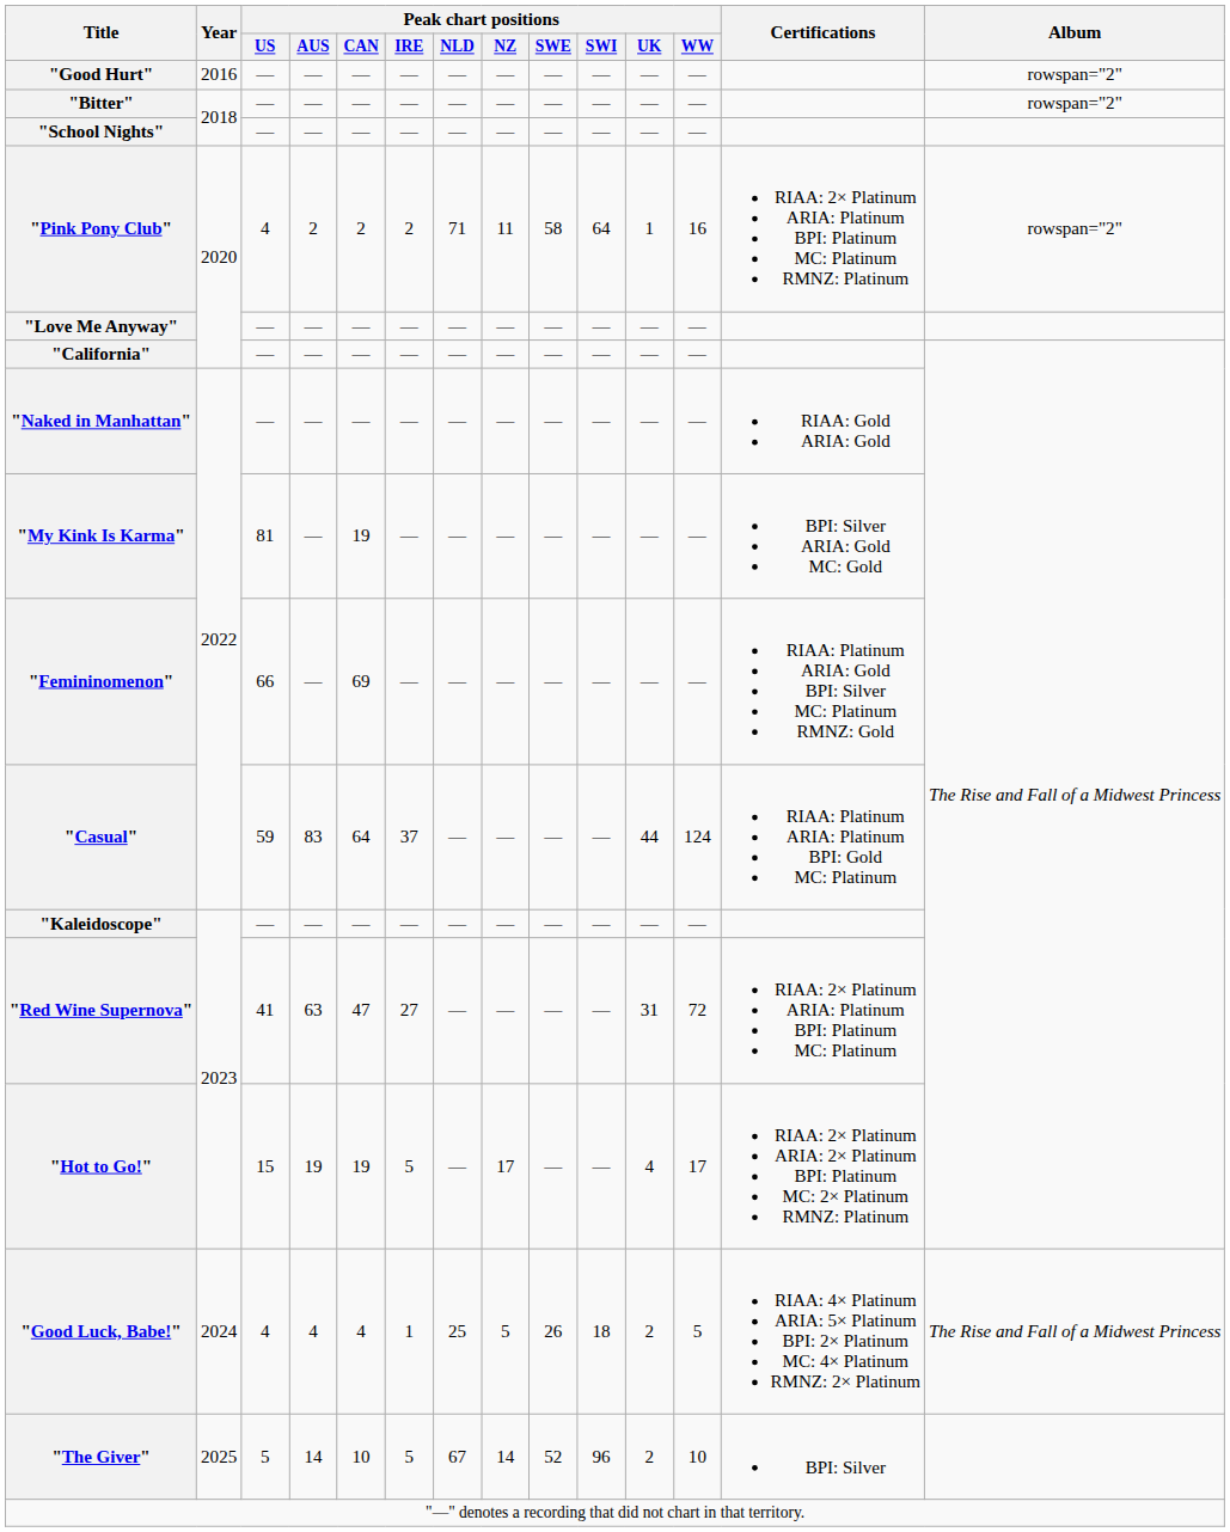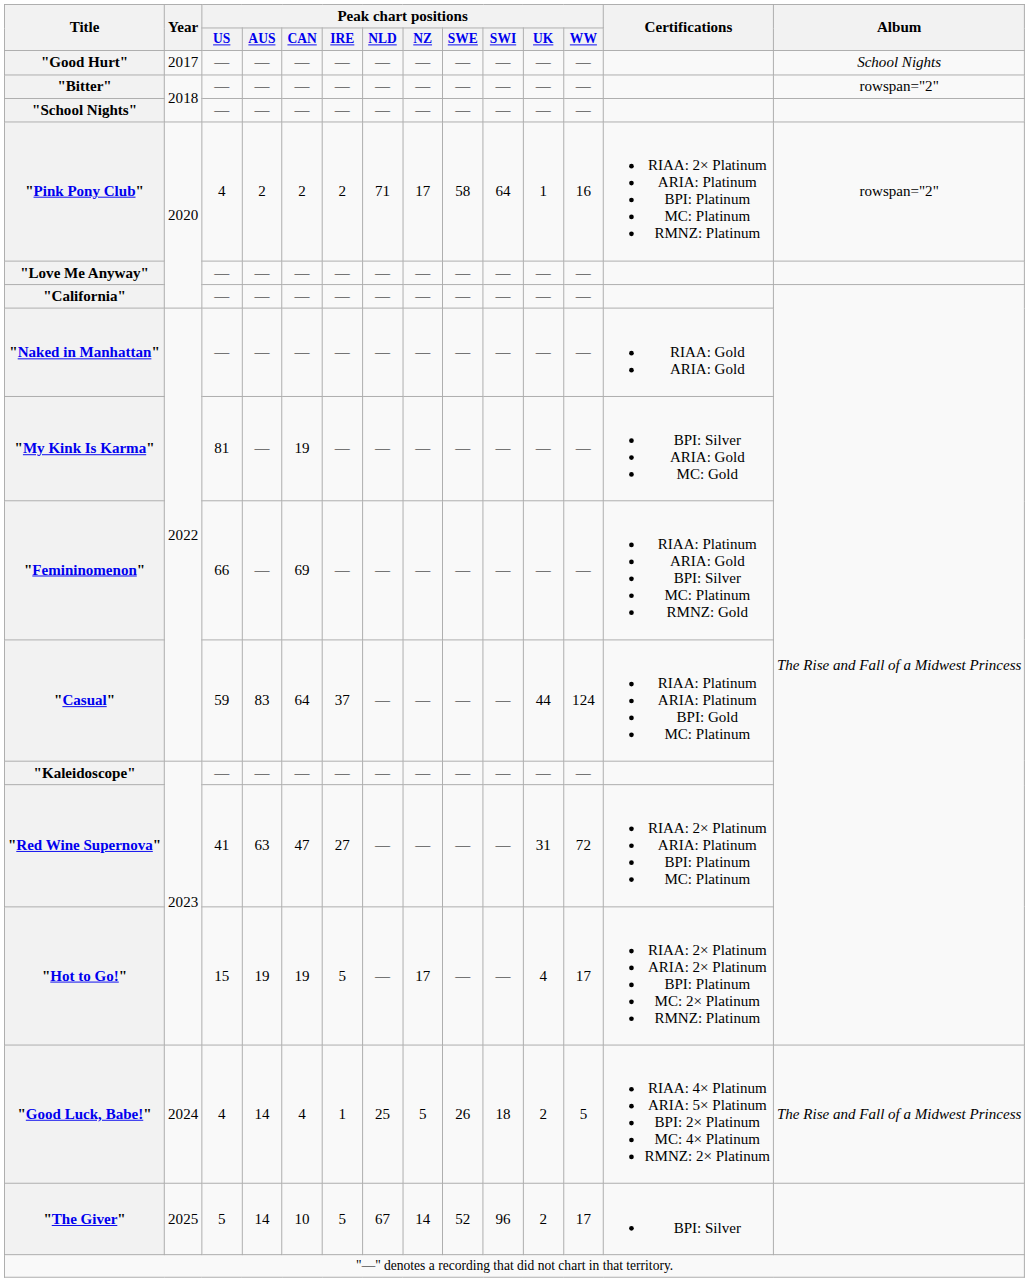 <table class="wikitable plainrowheaders" style="text-align:center;">
 <tr>
 <th scope="col" rowspan="2">Title</th>
 <th scope="col" rowspan="2">Year</th>
 <th scope="col" colspan="10">Peak chart positions</th>
 <th scope="col" rowspan="2">Certifications</th>
 <th scope="col" rowspan="2">Album</th>
 </tr>
 <tr>
 <th scope="col" style="width:2.5em;font-size:90%;"><a href='#'>US</a><br></th>
 <th scope="col" style="width:2.5em;font-size:90%;"><a href='#'>AUS</a><br></th>
 <th scope="col" style="width:2.5em;font-size:90%;"><a href='#'>CAN</a><br></th>
 <th scope="col" style="width:2.5em;font-size:90%;"><a href='#'>IRE</a><br></th>
 <th scope="col" style="width:2.5em;font-size:90%;"><a href='#'>NLD</a><br></th>
 <th scope="col" style="width:2.5em;font-size:90%;"><a href='#'>NZ</a><br></th>
 <th scope="col" style="width:2.5em;font-size:90%;"><a href='#'>SWE</a><br></th>
 <th scope="col" style="width:2.5em;font-size:90%;"><a href='#'>SWI</a><br></th>
 <th scope="col" style="width:2.5em;font-size:90%;"><a href='#'>UK</a><br></th>
 <th scope="col" style="width:2.5em;font-size:90%;"><a href='#'>WW</a><br></th>
 </tr>
 <tr>
 <th scope="row">"Good Hurt"</th>
-<td>2016</td>
+<td>2017</td>
 <td>—</td>
 <td>—</td>
 <td>—</td>
 <td>—</td>
 <td>—</td>
 <td>—</td>
 <td>—</td>
 <td>—</td>
 <td>—</td>
 <td>—</td>
 <td></td>
-<td>rowspan="2" </td>
+<td><em>School Nights</em></td>
 </tr>
 <tr>
 <th scope="row">"Bitter"</th>
 <td rowspan="2">2018</td>
 <td>—</td>
 <td>—</td>
 <td>—</td>
 <td>—</td>
 <td>—</td>
 <td>—</td>
 <td>—</td>
 <td>—</td>
 <td>—</td>
 <td>—</td>
 <td></td>
 <td>rowspan="2" </td>
 </tr>
 <tr>
 <th scope="row">"School Nights"</th>
 <td>—</td>
 <td>—</td>
 <td>—</td>
 <td>—</td>
 <td>—</td>
 <td>—</td>
 <td>—</td>
 <td>—</td>
 <td>—</td>
 <td>—</td>
 <td></td>
 </tr>
 <tr>
 <th scope="row">"<a href='#'>Pink Pony Club</a>"</th>
 <td rowspan="3">2020</td>
 <td>4</td>
 <td>2</td>
 <td>2</td>
 <td>2</td>
 <td>71</td>
-<td>11</td>
+<td>17</td>
 <td>58</td>
 <td>64</td>
 <td>1</td>
 <td>16</td>
 <td><br><ul><li>RIAA: 2× Platinum</li><li>ARIA: Platinum</li><li>BPI: Platinum</li><li>MC: Platinum</li><li>RMNZ: Platinum</li></ul></td>
 <td>rowspan="2" </td>
 </tr>
 <tr>
 <th scope="row">"Love Me Anyway"</th>
 <td>—</td>
 <td>—</td>
 <td>—</td>
 <td>—</td>
 <td>—</td>
 <td>—</td>
 <td>—</td>
 <td>—</td>
 <td>—</td>
 <td>—</td>
 <td></td>
 <td></td>
 </tr>
 <tr>
 <th scope="row">"California"</th>
 <td>—</td>
 <td>—</td>
 <td>—</td>
 <td>—</td>
 <td>—</td>
 <td>—</td>
 <td>—</td>
 <td>—</td>
 <td>—</td>
 <td>—</td>
 <td></td>
 <td rowspan="8"><em>The Rise and Fall of a Midwest Princess</em></td>
 </tr>
 <tr>
 <th scope="row">"<a href='#'>Naked in Manhattan</a>"</th>
 <td rowspan="4">2022</td>
 <td>—</td>
 <td>—</td>
 <td>—</td>
 <td>—</td>
 <td>—</td>
 <td>—</td>
 <td>—</td>
 <td>—</td>
 <td>—</td>
 <td>—</td>
 <td><br><ul><li>RIAA: Gold</li><li>ARIA: Gold</li></ul></td>
 </tr>
 <tr>
 <th scope="row">"<a href='#'>My Kink Is Karma</a>"</th>
 <td>81</td>
 <td>—</td>
 <td>19</td>
 <td>—</td>
 <td>—</td>
 <td>—</td>
 <td>—</td>
 <td>—</td>
 <td>—</td>
 <td>—</td>
 <td><br><ul><li>BPI: Silver</li><li>ARIA: Gold</li><li>MC: Gold</li></ul></td>
 </tr>
 <tr>
 <th scope="row">"<a href='#'>Femininomenon</a>"</th>
 <td>66</td>
 <td>—</td>
 <td>69</td>
 <td>—</td>
 <td>—</td>
 <td>—</td>
 <td>—</td>
 <td>—</td>
 <td>—</td>
 <td>—</td>
 <td><br><ul><li>RIAA: Platinum</li><li>ARIA: Gold</li><li>BPI: Silver</li><li>MC: Platinum</li><li>RMNZ: Gold</li></ul></td>
 </tr>
 <tr>
 <th scope="row">"<a href='#'>Casual</a>"</th>
 <td>59</td>
 <td>83</td>
 <td>64</td>
 <td>37</td>
 <td>—</td>
 <td>—</td>
 <td>—</td>
 <td>—</td>
 <td>44</td>
 <td>124</td>
 <td><br><ul><li>RIAA: Platinum</li><li>ARIA: Platinum</li><li>BPI: Gold</li><li>MC: Platinum</li></ul></td>
 </tr>
 <tr>
 <th scope="row">"Kaleidoscope"</th>
 <td rowspan="3">2023</td>
 <td>—</td>
 <td>—</td>
 <td>—</td>
 <td>—</td>
 <td>—</td>
 <td>—</td>
 <td>—</td>
 <td>—</td>
 <td>—</td>
 <td>—</td>
 <td></td>
 </tr>
 <tr>
 <th scope="row">"<a href='#'>Red Wine Supernova</a>"</th>
 <td>41</td>
 <td>63</td>
 <td>47</td>
 <td>27</td>
 <td>—</td>
 <td>—</td>
 <td>—</td>
 <td>—</td>
 <td>31</td>
 <td>72</td>
 <td><br><ul><li>RIAA: 2× Platinum</li><li>ARIA: Platinum</li><li>BPI: Platinum</li><li>MC: Platinum</li></ul></td>
 </tr>
 <tr>
 <th scope="row">"<a href='#'>Hot to Go!</a>"</th>
 <td>15</td>
 <td>19</td>
 <td>19</td>
 <td>5</td>
 <td>—</td>
 <td>17</td>
 <td>—</td>
 <td>—</td>
 <td>4</td>
 <td>17</td>
 <td><br><ul><li>RIAA: 2× Platinum</li><li>ARIA: 2× Platinum</li><li>BPI: Platinum</li><li>MC: 2× Platinum</li><li>RMNZ: Platinum</li></ul></td>
 </tr>
 <tr>
 <th scope="row">"<a href='#'>Good Luck, Babe!</a>"</th>
 <td>2024</td>
 <td>4</td>
-<td>4</td>
+<td>14</td>
 <td>4</td>
 <td>1</td>
 <td>25</td>
 <td>5</td>
 <td>26</td>
 <td>18</td>
 <td>2</td>
 <td>5</td>
 <td><br><ul><li>RIAA: 4× Platinum</li><li>ARIA: 5× Platinum</li><li>BPI: 2× Platinum</li><li>MC: 4× Platinum</li><li>RMNZ: 2× Platinum</li></ul></td>
 <td><em>The Rise and Fall of a Midwest Princess</em></td>
 </tr>
 <tr>
 <th scope="row">"<a href='#'>The Giver</a>"</th>
 <td>2025</td>
 <td>5</td>
 <td>14</td>
 <td>10</td>
 <td>5</td>
 <td>67</td>
 <td>14</td>
 <td>52<br></td>
 <td>96</td>
 <td>2</td>
-<td>10</td>
+<td>17</td>
 <td><br><ul><li>BPI: Silver</li></ul></td>
 </tr>
 <tr>
 <td colspan="14" style="font-size:90%">"—" denotes a recording that did not chart in that territory.</td>
 </tr>
 </table>
